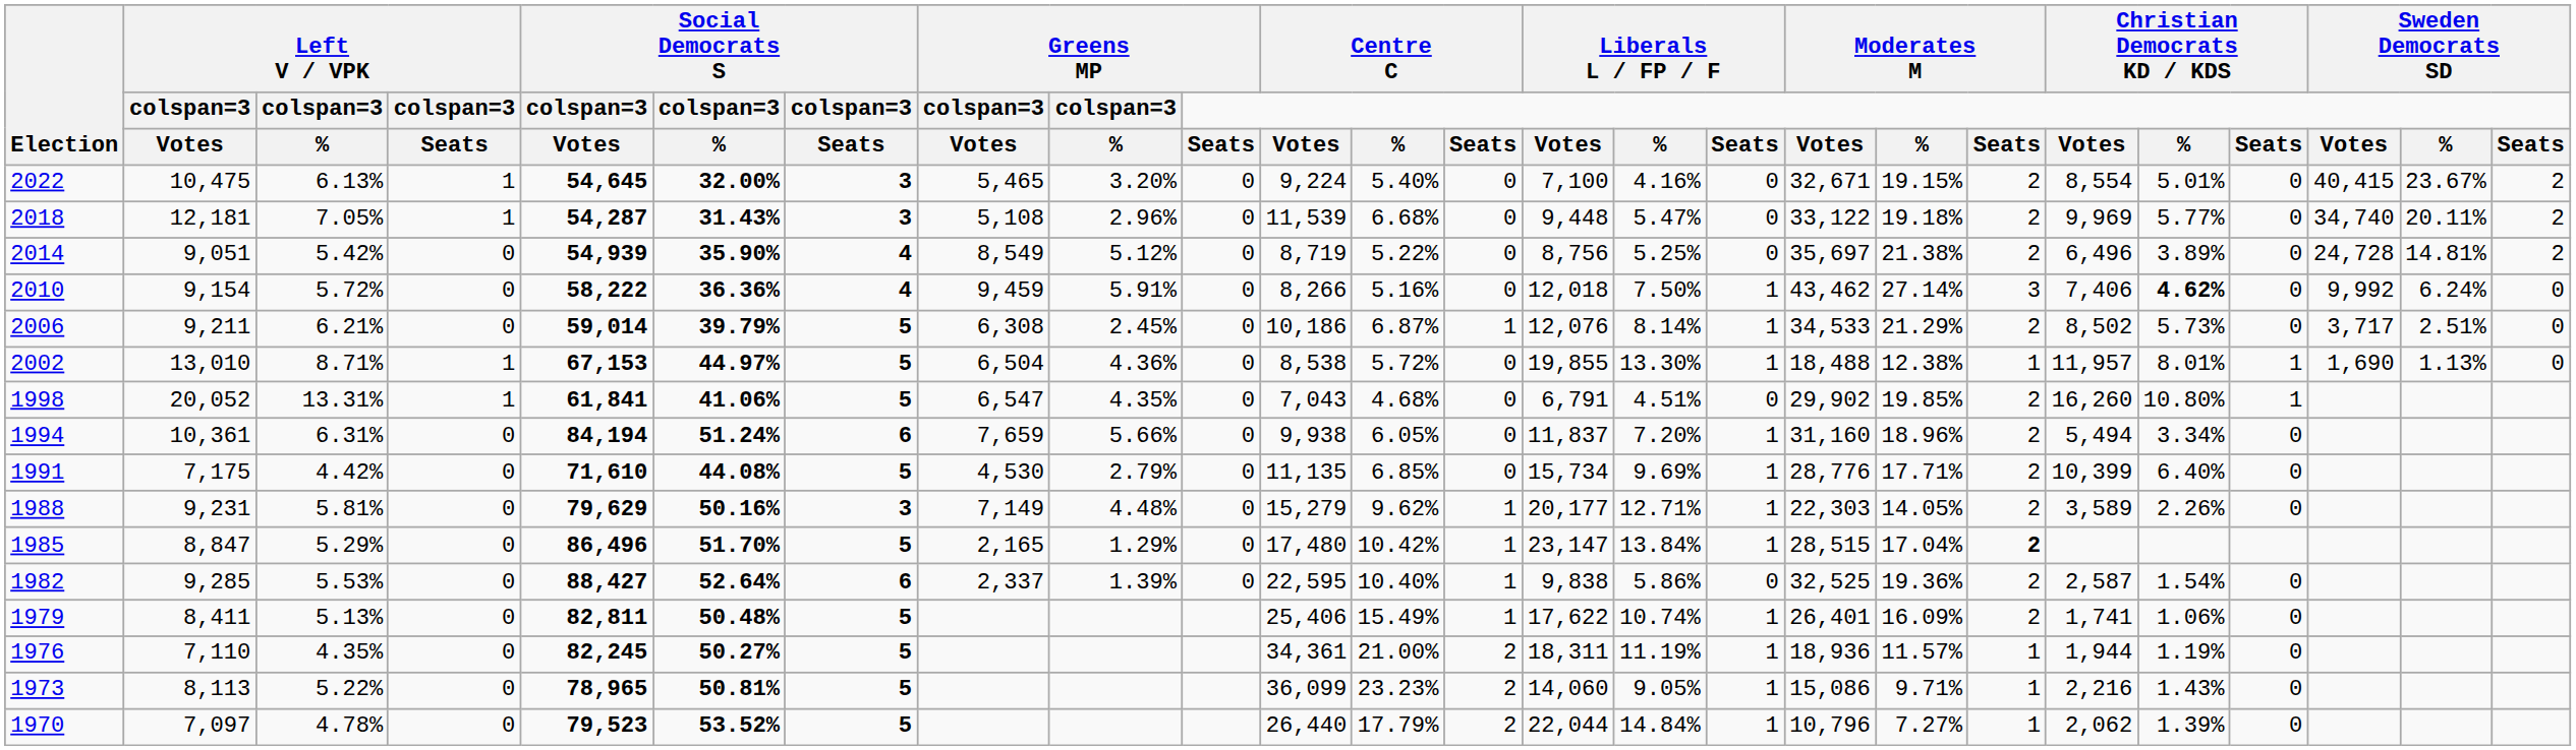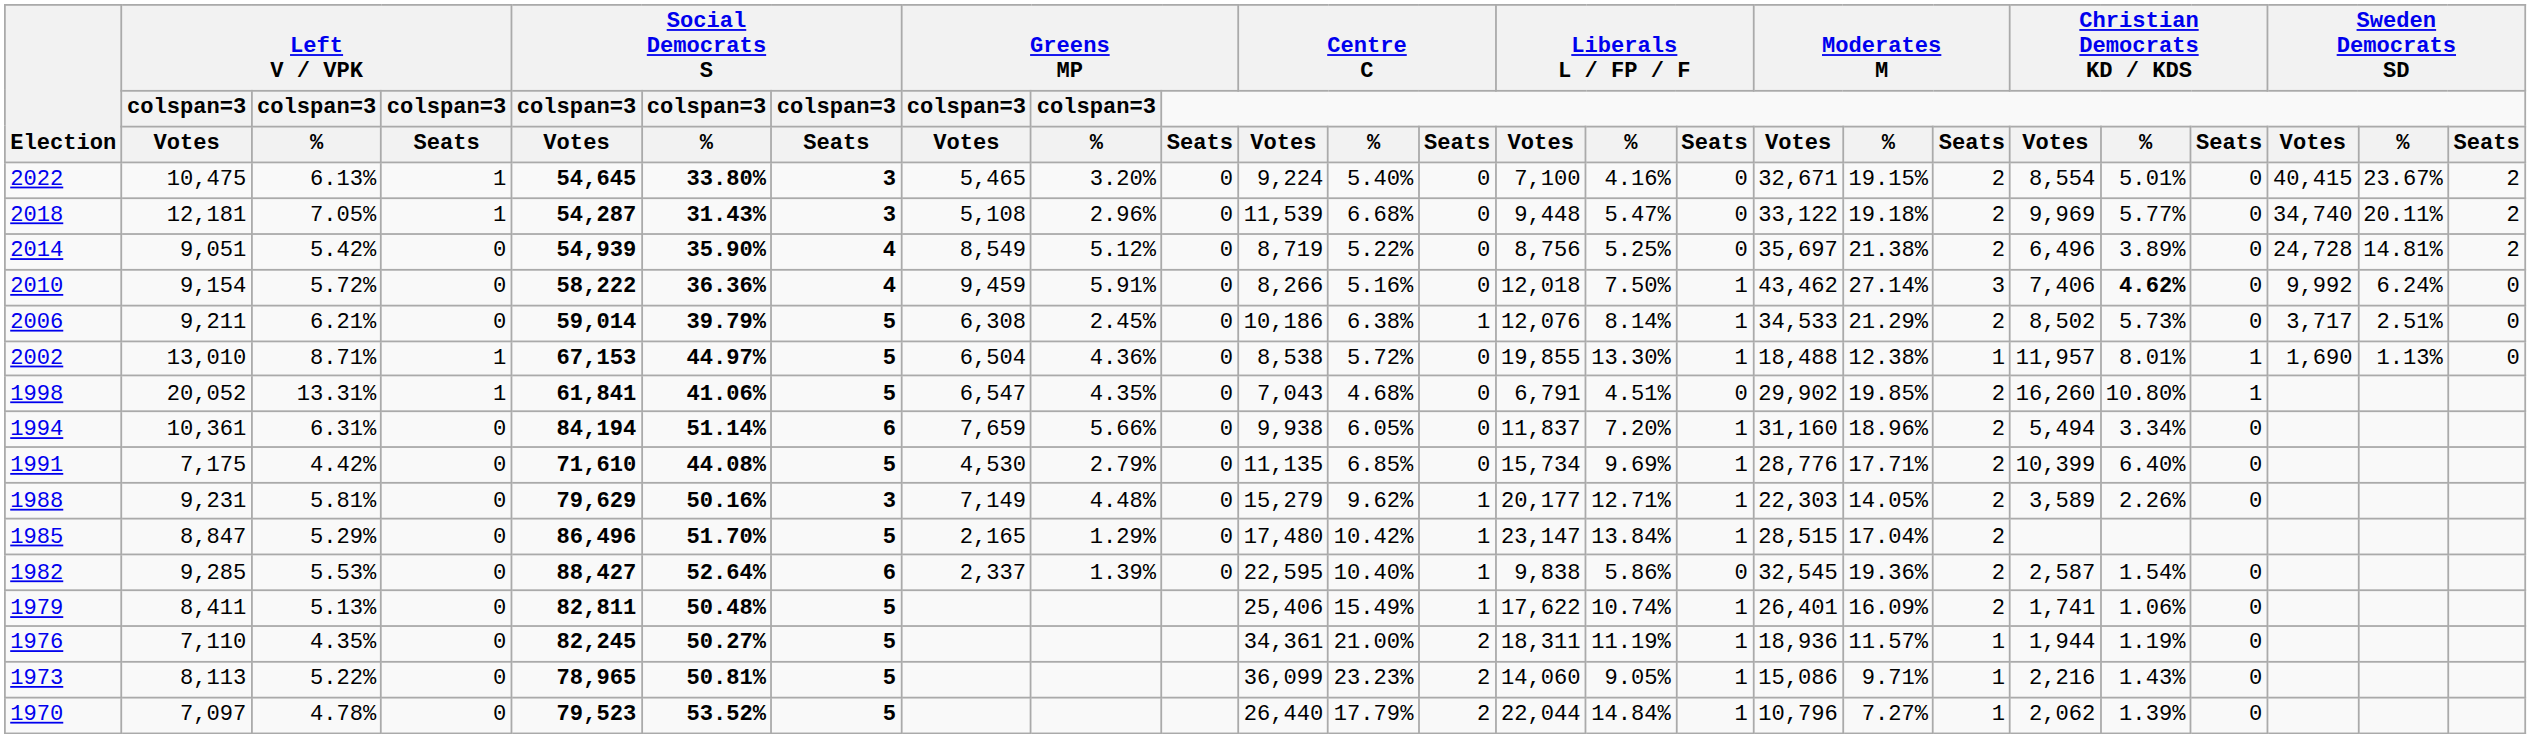 <table class="wikitable" border="1" style="font-size:95%; text-align:right;">
 <tr>
 <th style="text-align:left;" valign=bottom rowspan=3>Election</th>
 <th valign=bottom colspan=3><a href='#'>Left</a><br>V / VPK</th>
 <th valign=bottom colspan=3><a href='#'>Social<br>Democrats</a><br>S</th>
 <th valign=bottom colspan=3><a href='#'>Greens</a><br>MP</th>
 <th valign=bottom colspan=3><a href='#'>Centre</a><br>C</th>
 <th valign=bottom colspan=3><a href='#'>Liberals</a><br>L / FP / F</th>
 <th valign=bottom colspan=3><a href='#'>Moderates</a><br>M</th>
 <th valign=bottom colspan=3><a href='#'>Christian<br>Democrats</a><br>KD / KDS</th>
 <th valign=bottom colspan=3><a href='#'>Sweden<br>Democrats</a><br>SD</th>
 </tr>
 <tr>
 <th>colspan=3 </th>
 <th>colspan=3 </th>
 <th>colspan=3 </th>
 <th>colspan=3 </th>
 <th>colspan=3 </th>
 <th>colspan=3 </th>
 <th>colspan=3 </th>
 <th>colspan=3 </th>
 </tr>
 <tr>
 <th>Votes</th>
 <th>%</th>
 <th>Seats</th>
 <th>Votes</th>
 <th>%</th>
 <th>Seats</th>
 <th>Votes</th>
 <th>%</th>
 <th>Seats</th>
 <th>Votes</th>
 <th>%</th>
 <th>Seats</th>
 <th>Votes</th>
 <th>%</th>
 <th>Seats</th>
 <th>Votes</th>
 <th>%</th>
 <th>Seats</th>
 <th>Votes</th>
 <th>%</th>
 <th>Seats</th>
 <th>Votes</th>
 <th>%</th>
 <th>Seats</th>
 </tr>
 <tr>
 <td align=left><a href='#'>2022</a></td>
 <td>10,475</td>
 <td>6.13%</td>
 <td>1</td>
 <td><strong>54,645</strong></td>
-<td><strong>32.00%</strong></td>
+<td><strong>33.80%</strong></td>
 <td><strong>3</strong></td>
 <td>5,465</td>
 <td>3.20%</td>
 <td>0</td>
 <td>9,224</td>
 <td>5.40%</td>
 <td>0</td>
 <td>7,100</td>
 <td>4.16%</td>
 <td>0</td>
 <td>32,671</td>
 <td>19.15%</td>
 <td>2</td>
 <td>8,554</td>
 <td>5.01%</td>
 <td>0</td>
 <td>40,415</td>
 <td>23.67%</td>
 <td>2</td>
 </tr>
 <tr>
 <td align=left><a href='#'>2018</a></td>
 <td>12,181</td>
 <td>7.05%</td>
 <td>1</td>
 <td><strong>54,287</strong></td>
 <td><strong>31.43%</strong></td>
 <td><strong>3</strong></td>
 <td>5,108</td>
 <td>2.96%</td>
 <td>0</td>
 <td>11,539</td>
 <td>6.68%</td>
 <td>0</td>
 <td>9,448</td>
 <td>5.47%</td>
 <td>0</td>
 <td>33,122</td>
 <td>19.18%</td>
 <td>2</td>
 <td>9,969</td>
 <td>5.77%</td>
 <td>0</td>
 <td>34,740</td>
 <td>20.11%</td>
 <td>2</td>
 </tr>
 <tr>
 <td align=left><a href='#'>2014</a></td>
 <td>9,051</td>
 <td>5.42%</td>
 <td>0</td>
 <td><strong>54,939</strong></td>
 <td><strong>35.90%</strong></td>
 <td><strong>4</strong></td>
 <td>8,549</td>
 <td>5.12%</td>
 <td>0</td>
 <td>8,719</td>
 <td>5.22%</td>
 <td>0</td>
 <td>8,756</td>
 <td>5.25%</td>
 <td>0</td>
 <td>35,697</td>
 <td>21.38%</td>
 <td>2</td>
 <td>6,496</td>
 <td>3.89%</td>
 <td>0</td>
 <td>24,728</td>
 <td>14.81%</td>
 <td>2</td>
 </tr>
 <tr>
 <td align=left><a href='#'>2010</a></td>
 <td>9,154</td>
 <td>5.72%</td>
 <td>0</td>
 <td><strong>58,222</strong></td>
 <td><strong>36.36%</strong></td>
 <td><strong>4</strong></td>
 <td>9,459</td>
 <td>5.91%</td>
 <td>0</td>
 <td>8,266</td>
 <td>5.16%</td>
 <td>0</td>
 <td>12,018</td>
 <td>7.50%</td>
 <td>1</td>
 <td>43,462</td>
 <td>27.14%</td>
 <td>3</td>
 <td>7,406</td>
 <td><strong>4.62%</strong></td>
 <td>0</td>
 <td>9,992</td>
 <td>6.24%</td>
 <td>0</td>
 </tr>
 <tr>
 <td align=left><a href='#'>2006</a></td>
 <td>9,211</td>
 <td>6.21%</td>
 <td>0</td>
 <td><strong>59,014</strong></td>
 <td><strong>39.79%</strong></td>
 <td><strong>5</strong></td>
 <td>6,308</td>
 <td>2.45%</td>
 <td>0</td>
 <td>10,186</td>
-<td>6.87%</td>
+<td>6.38%</td>
 <td>1</td>
 <td>12,076</td>
 <td>8.14%</td>
 <td>1</td>
 <td>34,533</td>
 <td>21.29%</td>
 <td>2</td>
 <td>8,502</td>
 <td>5.73%</td>
 <td>0</td>
 <td>3,717</td>
 <td>2.51%</td>
 <td>0</td>
 </tr>
 <tr>
 <td align=left><a href='#'>2002</a></td>
 <td>13,010</td>
 <td>8.71%</td>
 <td>1</td>
 <td><strong>67,153</strong></td>
 <td><strong>44.97%</strong></td>
 <td><strong>5</strong></td>
 <td>6,504</td>
 <td>4.36%</td>
 <td>0</td>
 <td>8,538</td>
 <td>5.72%</td>
 <td>0</td>
 <td>19,855</td>
 <td>13.30%</td>
 <td>1</td>
 <td>18,488</td>
 <td>12.38%</td>
 <td>1</td>
 <td>11,957</td>
 <td>8.01%</td>
 <td>1</td>
 <td>1,690</td>
 <td>1.13%</td>
 <td>0</td>
 </tr>
 <tr>
 <td align=left><a href='#'>1998</a></td>
 <td>20,052</td>
 <td>13.31%</td>
 <td>1</td>
 <td><strong>61,841</strong></td>
 <td><strong>41.06%</strong></td>
 <td><strong>5</strong></td>
 <td>6,547</td>
 <td>4.35%</td>
 <td>0</td>
 <td>7,043</td>
 <td>4.68%</td>
 <td>0</td>
 <td>6,791</td>
 <td>4.51%</td>
 <td>0</td>
 <td>29,902</td>
 <td>19.85%</td>
 <td>2</td>
 <td>16,260</td>
 <td>10.80%</td>
 <td>1</td>
 <td></td>
 <td></td>
 <td></td>
 </tr>
 <tr>
 <td align=left><a href='#'>1994</a></td>
 <td>10,361</td>
 <td>6.31%</td>
 <td>0</td>
 <td><strong>84,194</strong></td>
-<td><strong>51.24%</strong></td>
+<td><strong>51.14%</strong></td>
 <td><strong>6</strong></td>
 <td>7,659</td>
 <td>5.66%</td>
 <td>0</td>
 <td>9,938</td>
 <td>6.05%</td>
 <td>0</td>
 <td>11,837</td>
 <td>7.20%</td>
 <td>1</td>
 <td>31,160</td>
 <td>18.96%</td>
 <td>2</td>
 <td>5,494</td>
 <td>3.34%</td>
 <td>0</td>
 <td></td>
 <td></td>
 <td></td>
 </tr>
 <tr>
 <td align=left><a href='#'>1991</a></td>
 <td>7,175</td>
 <td>4.42%</td>
 <td>0</td>
 <td><strong>71,610</strong></td>
 <td><strong>44.08%</strong></td>
 <td><strong>5</strong></td>
 <td>4,530</td>
 <td>2.79%</td>
 <td>0</td>
 <td>11,135</td>
 <td>6.85%</td>
 <td>0</td>
 <td>15,734</td>
 <td>9.69%</td>
 <td>1</td>
 <td>28,776</td>
 <td>17.71%</td>
 <td>2</td>
 <td>10,399</td>
 <td>6.40%</td>
 <td>0</td>
 <td></td>
 <td></td>
 <td></td>
 </tr>
 <tr>
 <td align=left><a href='#'>1988</a></td>
 <td>9,231</td>
 <td>5.81%</td>
 <td>0</td>
 <td><strong>79,629</strong></td>
 <td><strong>50.16%</strong></td>
 <td><strong>3</strong></td>
 <td>7,149</td>
 <td>4.48%</td>
 <td>0</td>
 <td>15,279</td>
 <td>9.62%</td>
 <td>1</td>
 <td>20,177</td>
 <td>12.71%</td>
 <td>1</td>
 <td>22,303</td>
 <td>14.05%</td>
 <td>2</td>
 <td>3,589</td>
 <td>2.26%</td>
 <td>0</td>
 <td></td>
 <td></td>
 <td></td>
 </tr>
 <tr>
 <td align=left><a href='#'>1985</a></td>
 <td>8,847</td>
 <td>5.29%</td>
 <td>0</td>
 <td><strong>86,496</strong></td>
 <td><strong>51.70%</strong></td>
 <td><strong>5</strong></td>
 <td>2,165</td>
 <td>1.29%</td>
 <td>0</td>
 <td>17,480</td>
 <td>10.42%</td>
 <td>1</td>
 <td>23,147</td>
 <td>13.84%</td>
 <td>1</td>
 <td>28,515</td>
 <td>17.04%</td>
-<td><strong>2</strong></td>
+<td>2</td>
 <td></td>
 <td></td>
 <td></td>
 <td></td>
 <td></td>
 <td></td>
 </tr>
 <tr>
 <td align=left><a href='#'>1982</a></td>
 <td>9,285</td>
 <td>5.53%</td>
 <td>0</td>
 <td><strong>88,427</strong></td>
 <td><strong>52.64%</strong></td>
 <td><strong>6</strong></td>
 <td>2,337</td>
 <td>1.39%</td>
 <td>0</td>
 <td>22,595</td>
 <td>10.40%</td>
 <td>1</td>
 <td>9,838</td>
 <td>5.86%</td>
 <td>0</td>
-<td>32,525</td>
+<td>32,545</td>
 <td>19.36%</td>
 <td>2</td>
 <td>2,587</td>
 <td>1.54%</td>
 <td>0</td>
 <td></td>
 <td></td>
 <td></td>
 </tr>
 <tr>
 <td align=left><a href='#'>1979</a></td>
 <td>8,411</td>
 <td>5.13%</td>
 <td>0</td>
 <td><strong>82,811</strong></td>
 <td><strong>50.48%</strong></td>
 <td><strong>5</strong></td>
 <td></td>
 <td></td>
 <td></td>
 <td>25,406</td>
 <td>15.49%</td>
 <td>1</td>
 <td>17,622</td>
 <td>10.74%</td>
 <td>1</td>
 <td>26,401</td>
 <td>16.09%</td>
 <td>2</td>
 <td>1,741</td>
 <td>1.06%</td>
 <td>0</td>
 <td></td>
 <td></td>
 <td></td>
 </tr>
 <tr>
 <td align=left><a href='#'>1976</a></td>
 <td>7,110</td>
 <td>4.35%</td>
 <td>0</td>
 <td><strong>82,245</strong></td>
 <td><strong>50.27%</strong></td>
 <td><strong>5</strong></td>
 <td></td>
 <td></td>
 <td></td>
 <td>34,361</td>
 <td>21.00%</td>
 <td>2</td>
 <td>18,311</td>
 <td>11.19%</td>
 <td>1</td>
 <td>18,936</td>
 <td>11.57%</td>
 <td>1</td>
 <td>1,944</td>
 <td>1.19%</td>
 <td>0</td>
 <td></td>
 <td></td>
 <td></td>
 </tr>
 <tr>
 <td align=left><a href='#'>1973</a></td>
 <td>8,113</td>
 <td>5.22%</td>
 <td>0</td>
 <td><strong>78,965</strong></td>
 <td><strong>50.81%</strong></td>
 <td><strong>5</strong></td>
 <td></td>
 <td></td>
 <td></td>
 <td>36,099</td>
 <td>23.23%</td>
 <td>2</td>
 <td>14,060</td>
 <td>9.05%</td>
 <td>1</td>
 <td>15,086</td>
 <td>9.71%</td>
 <td>1</td>
 <td>2,216</td>
 <td>1.43%</td>
 <td>0</td>
 <td></td>
 <td></td>
 <td></td>
 </tr>
 <tr>
 <td align=left><a href='#'>1970</a></td>
 <td>7,097</td>
 <td>4.78%</td>
 <td>0</td>
 <td><strong>79,523</strong></td>
 <td><strong>53.52%</strong></td>
 <td><strong>5</strong></td>
 <td></td>
 <td></td>
 <td></td>
 <td>26,440</td>
 <td>17.79%</td>
 <td>2</td>
 <td>22,044</td>
 <td>14.84%</td>
 <td>1</td>
 <td>10,796</td>
 <td>7.27%</td>
 <td>1</td>
 <td>2,062</td>
 <td>1.39%</td>
 <td>0</td>
 <td></td>
 <td></td>
 <td></td>
 </tr>
 </table>
